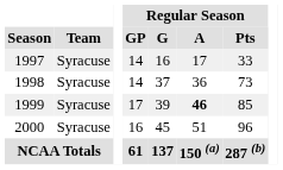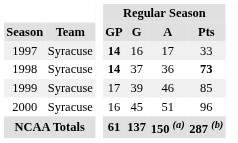 <table BORDER="0" CELLPADDING="3" CELLSPACING="0">
 <tr ALIGN="center" bgcolor="#e0e0e0">
 <th colspan="2" bgcolor="#ffffff"> </th>
 <th rowspan="99" bgcolor="#ffffff"> </th>
 <th colspan="7">Regular Season</th>
 <th rowspan="99" bgcolor="#ffffff"> </th>
 </tr>
 <tr ALIGN="center" bgcolor="#e0e0e0">
 <th>Season</th>
 <th>Team</th>
 <th>GP</th>
 <th>G</th>
 <th>A</th>
 <th>Pts</th>
 </tr>
 <tr ALIGN="center" bgcolor="#f0f0f0">
 <td>1997</td>
 <td>Syracuse</td>
-<td>14</td>
+<td><strong>14</strong></td>
 <td>16</td>
 <td>17</td>
 <td>33</td>
 </tr>
 <tr ALIGN="center">
 <td>1998</td>
 <td>Syracuse</td>
-<td>14</td>
+<td><strong>14</strong></td>
 <td>37</td>
 <td>36</td>
-<td>73</td>
+<td><strong>73</strong></td>
 </tr>
 <tr ALIGN="center" bgcolor="#f0f0f0">
 <td>1999</td>
 <td>Syracuse</td>
 <td>17</td>
 <td>39</td>
-<td><strong>46</strong></td>
+<td>46</td>
 <td>85</td>
 </tr>
 <tr ALIGN="center">
 <td>2000</td>
 <td>Syracuse</td>
 <td>16</td>
 <td>45</td>
 <td>51</td>
 <td>96</td>
 </tr>
 <tr ALIGN="center" bgcolor="#e0e0e0">
 <th colspan="2">NCAA Totals</th>
 <th>61</th>
 <th>137</th>
 <th>150 <sup><strong><em>(a)</em></strong></sup></th>
 <th>287 <sup><strong><em>(b)</em></strong></sup></th>
 </tr>
 </table>
